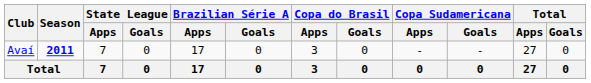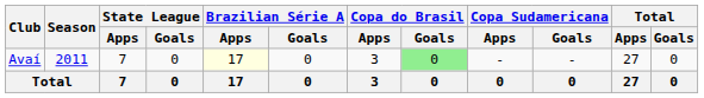 <table class="wikitable" style="text-align: center;">
 <tr>
 <th rowspan="2">Club</th>
 <th rowspan="2">Season</th>
 <th colspan="2">State League</th>
 <th colspan="2"><a href='#'>Brazilian Série A</a></th>
 <th colspan="2"><a href='#'>Copa do Brasil</a></th>
 <th colspan="2"><a href='#'>Copa Sudamericana</a></th>
 <th colspan="2">Total</th>
 </tr>
 <tr>
 <th>Apps</th>
 <th>Goals</th>
 <th>Apps</th>
 <th>Goals</th>
 <th>Apps</th>
 <th>Goals</th>
 <th>Apps</th>
 <th>Goals</th>
 <th>Apps</th>
 <th>Goals</th>
 </tr>
 <tr>
 <td rowspan="1" valign="center"><a href='#'>Avaí</a></td>
-<td><strong><a href='#'>2011</a></strong></td>
+<td><a href='#'>2011</a></td>
 <td>7</td>
 <td>0</td>
-<td>17</td>
+<td style="background: lightyellow;">17</td>
 <td>0</td>
 <td>3</td>
-<td>0</td>
+<td style="background: lightgreen;">0</td>
 <td>-</td>
 <td>-</td>
 <td>27</td>
 <td>0</td>
 </tr>
 <tr>
 <th colspan="2"><strong>Total</strong></th>
 <th>7</th>
 <th>0</th>
 <th>17</th>
 <th>0</th>
 <th>3</th>
 <th>0</th>
 <th>0</th>
 <th>0</th>
 <th>27</th>
 <th>0</th>
 </tr>
 </table>
